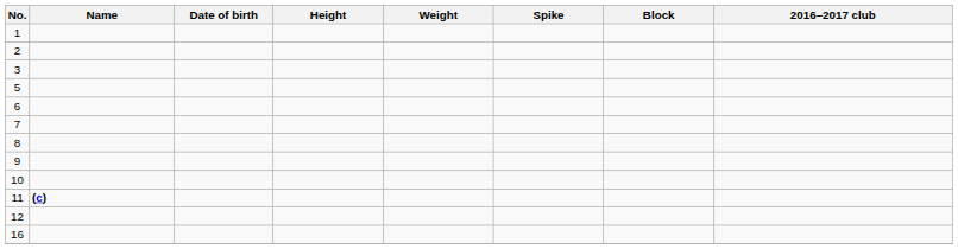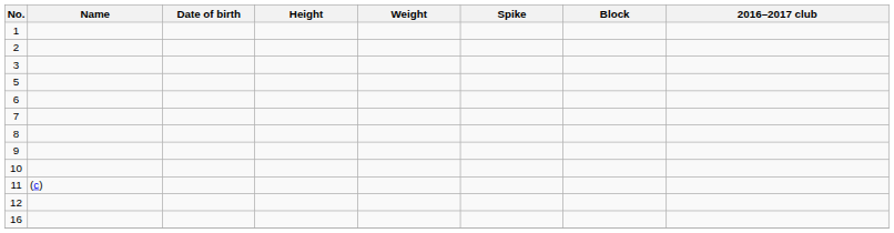 <table class="wikitable sortable" style="font-size:90%; text-align:center;">
 <tr>
 <th>No.</th>
 <th style="width:12em">Name</th>
 <th style="width:8em">Date of birth</th>
 <th style="width:9em">Height</th>
 <th style="width:9em">Weight</th>
 <th style="width:9em">Spike</th>
 <th style="width:9em">Block</th>
 <th style="width:20em">2016–2017 club</th>
 </tr>
 <tr>
 <td>1</td>
 <td align=left></td>
 <td align=right></td>
 <td></td>
 <td></td>
 <td></td>
 <td></td>
 <td align=left></td>
 </tr>
 <tr>
 <td>2</td>
 <td align=left></td>
 <td align=right></td>
 <td></td>
 <td></td>
 <td></td>
 <td></td>
 <td align=left></td>
 </tr>
 <tr>
 <td>3</td>
 <td align=left></td>
 <td align=right></td>
 <td></td>
 <td></td>
 <td></td>
 <td></td>
 <td align=left></td>
 </tr>
 <tr>
 <td>5</td>
 <td align=left></td>
 <td align=right></td>
 <td></td>
 <td></td>
 <td></td>
 <td></td>
 <td align=left></td>
 </tr>
 <tr>
 <td>6</td>
 <td align=left></td>
 <td align=right></td>
 <td></td>
 <td></td>
 <td></td>
 <td></td>
 <td align=left></td>
 </tr>
 <tr>
 <td>7</td>
 <td align=left></td>
 <td align=right></td>
 <td></td>
 <td></td>
 <td></td>
 <td></td>
 <td align=left></td>
 </tr>
 <tr>
 <td>8</td>
 <td align=left></td>
 <td align=right></td>
 <td></td>
 <td></td>
 <td></td>
 <td></td>
 <td align=left></td>
 </tr>
 <tr>
 <td>9</td>
 <td align=left></td>
 <td align=right></td>
 <td></td>
 <td></td>
 <td></td>
 <td></td>
 <td align=left></td>
 </tr>
 <tr>
 <td>10</td>
 <td align=left></td>
 <td align=right></td>
 <td></td>
 <td></td>
 <td></td>
 <td></td>
 <td align=left></td>
 </tr>
 <tr>
 <td>11</td>
-<td align=left><strong> (<a href='#'>c</a>)</strong></td>
+<td align=left> (<a href='#'>c</a>)</td>
 <td align=right></td>
 <td></td>
 <td></td>
 <td></td>
 <td></td>
 <td align=left></td>
 </tr>
 <tr>
 <td>12</td>
 <td align=left></td>
 <td align=right></td>
 <td></td>
 <td></td>
 <td></td>
 <td></td>
 <td align=left></td>
 </tr>
 <tr>
 <td>16</td>
 <td align=left></td>
 <td align=right></td>
 <td></td>
 <td></td>
 <td></td>
 <td></td>
 <td align=left></td>
 </tr>
 <tr>
 </tr>
 </table>
